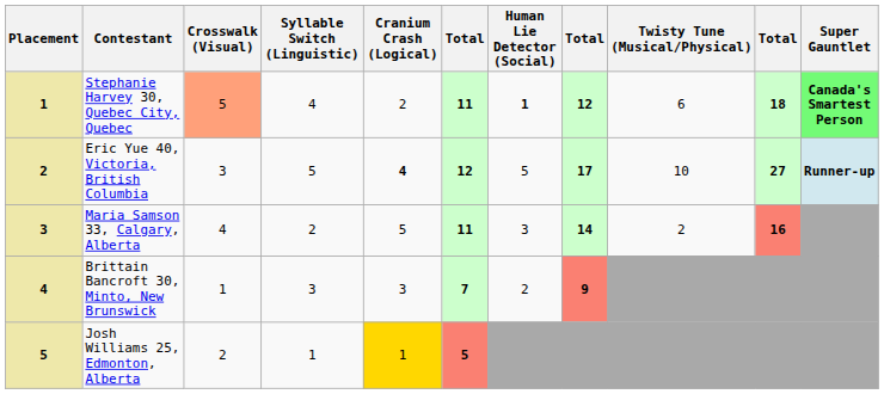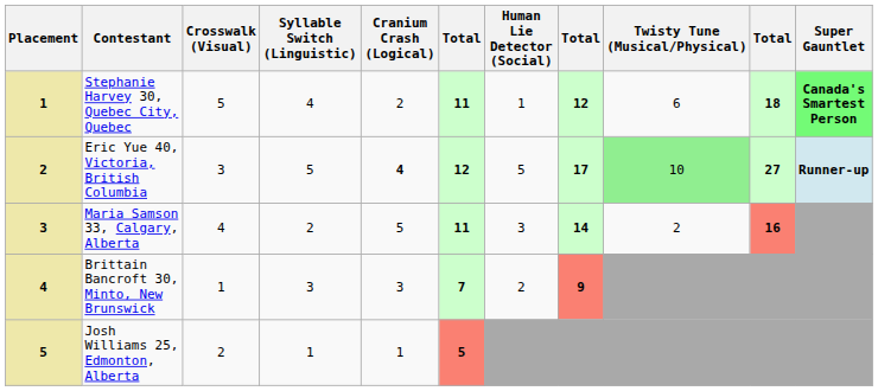 <table class="wikitable" style="text-align:center;">
 <tr>
 <th>Placement</th>
 <th>Contestant</th>
 <th>Crosswalk<br>(Visual)</th>
 <th>Syllable Switch<br>(Linguistic)</th>
 <th>Cranium Crash<br>(Logical)</th>
 <th>Total</th>
 <th>Human Lie Detector<br>(Social)</th>
 <th>Total</th>
 <th>Twisty Tune<br>(Musical/Physical)</th>
 <th>Total</th>
 <th>Super Gauntlet</th>
 </tr>
 <tr>
 <td bgcolor="palegoldenrod"><strong>1</strong></td>
 <td align="left"><a href='#'>Stephanie Harvey</a> 30, <a href='#'>Quebec City, Quebec</a></td>
-<td style="background: lightsalmon;">5</td>
+<td>5</td>
 <td>4</td>
 <td>2</td>
 <td bgcolor="#cfc"><strong>11</strong></td>
-<td><strong>1</strong></td>
+<td>1</td>
 <td bgcolor="#cfc"><strong>12</strong></td>
 <td>6</td>
 <td bgcolor="#cfc"><strong>18</strong></td>
 <td align="center" bgcolor="#73FB76"><strong>Canada's Smartest Person</strong></td>
 </tr>
 <tr>
 <td bgcolor="palegoldenrod"><strong>2</strong></td>
 <td align="left">Eric Yue 40, <a href='#'>Victoria, British Columbia</a></td>
 <td>3</td>
 <td>5</td>
 <td><strong>4</strong></td>
 <td bgcolor="#cfc"><strong>12</strong></td>
 <td>5</td>
 <td bgcolor="#cfc"><strong>17</strong></td>
-<td>10</td>
+<td style="background: lightgreen;">10</td>
 <td bgcolor="#cfc"><strong>27</strong></td>
 <td bgcolor="#D1E8EF"><strong>Runner-up</strong></td>
 </tr>
 <tr>
 <td bgcolor="palegoldenrod"><strong>3</strong></td>
 <td align="left"><a href='#'>Maria Samson</a> 33, <a href='#'>Calgary</a>, <a href='#'>Alberta</a></td>
 <td>4</td>
 <td>2</td>
 <td>5</td>
 <td bgcolor="#cfc"><strong>11</strong></td>
 <td>3</td>
 <td bgcolor="#cfc"><strong>14</strong></td>
 <td>2</td>
 <td bgcolor="salmon"><strong>16</strong></td>
 <td bgcolor="darkgrey"></td>
 </tr>
 <tr>
 <td bgcolor="palegoldenrod"><strong>4</strong></td>
 <td align="left">Brittain Bancroft 30, <a href='#'>Minto, New Brunswick</a></td>
 <td>1</td>
 <td>3</td>
 <td>3</td>
 <td bgcolor="#cfc"><strong>7</strong></td>
 <td>2</td>
 <td bgcolor="salmon"><strong>9</strong></td>
 <td bgcolor="darkgrey" colspan="4"></td>
 </tr>
 <tr>
 <td bgcolor="palegoldenrod"><strong>5</strong></td>
 <td align="left">Josh Williams 25, <a href='#'>Edmonton</a>, <a href='#'>Alberta</a></td>
 <td>2</td>
 <td>1</td>
-<td style="background: gold;">1</td>
+<td>1</td>
 <td bgcolor="salmon"><strong>5</strong></td>
 <td bgcolor="darkgrey" colspan="5"></td>
 </tr>
 </table>
